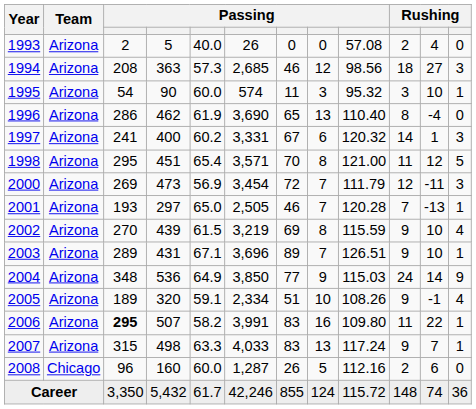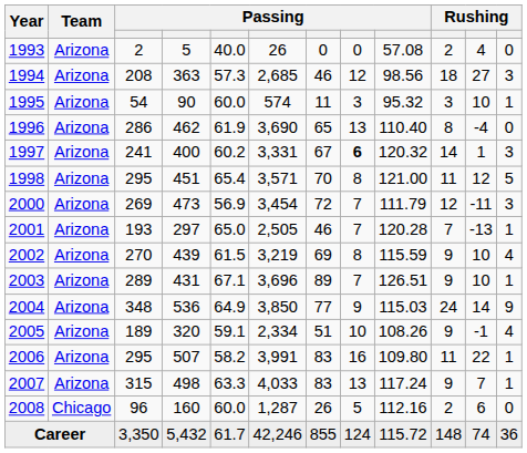 <table class="wikitable sortable" style="text-align:center">
 <tr>
 <th rowspan=2>Year</th>
 <th rowspan=2>Team</th>
 <th colspan=7>Passing</th>
 <th colspan=3>Rushing</th>
 </tr>
 <tr>
 <th></th>
 <th></th>
 <th></th>
 <th></th>
 <th></th>
 <th></th>
 <th></th>
 <th></th>
 <th></th>
 <th></th>
 </tr>
 <tr>
 <td><a href='#'>1993</a></td>
 <td><a href='#'>Arizona</a></td>
 <td>2</td>
 <td>5</td>
 <td>40.0</td>
 <td>26</td>
 <td>0</td>
 <td>0</td>
 <td>57.08</td>
 <td>2</td>
 <td>4</td>
 <td>0</td>
 </tr>
 <tr>
 <td><a href='#'>1994</a></td>
 <td><a href='#'>Arizona</a></td>
 <td>208</td>
 <td>363</td>
 <td>57.3</td>
 <td>2,685</td>
 <td>46</td>
 <td>12</td>
 <td>98.56</td>
 <td>18</td>
 <td>27</td>
 <td>3</td>
 </tr>
 <tr>
 <td><a href='#'>1995</a></td>
 <td><a href='#'>Arizona</a></td>
 <td>54</td>
 <td>90</td>
 <td>60.0</td>
 <td>574</td>
 <td>11</td>
 <td>3</td>
 <td>95.32</td>
 <td>3</td>
 <td>10</td>
 <td>1</td>
 </tr>
 <tr>
 <td><a href='#'>1996</a></td>
 <td><a href='#'>Arizona</a></td>
 <td>286</td>
 <td>462</td>
 <td>61.9</td>
 <td>3,690</td>
 <td>65</td>
 <td>13</td>
 <td>110.40</td>
 <td>8</td>
 <td>-4</td>
 <td>0</td>
 </tr>
 <tr>
 <td><a href='#'>1997</a></td>
 <td><a href='#'>Arizona</a></td>
 <td>241</td>
 <td>400</td>
 <td>60.2</td>
 <td>3,331</td>
 <td>67</td>
-<td>6</td>
+<td><strong>6</strong></td>
 <td>120.32</td>
 <td>14</td>
 <td>1</td>
 <td>3</td>
 </tr>
 <tr>
 <td><a href='#'>1998</a></td>
 <td><a href='#'>Arizona</a></td>
 <td>295</td>
 <td>451</td>
 <td>65.4</td>
 <td>3,571</td>
 <td>70</td>
 <td>8</td>
 <td>121.00</td>
 <td>11</td>
 <td>12</td>
 <td>5</td>
 </tr>
 <tr>
 <td><a href='#'>2000</a></td>
 <td><a href='#'>Arizona</a></td>
 <td>269</td>
 <td>473</td>
 <td>56.9</td>
 <td>3,454</td>
 <td>72</td>
 <td>7</td>
 <td>111.79</td>
 <td>12</td>
 <td>-11</td>
 <td>3</td>
 </tr>
 <tr>
 <td><a href='#'>2001</a></td>
 <td><a href='#'>Arizona</a></td>
 <td>193</td>
 <td>297</td>
 <td>65.0</td>
 <td>2,505</td>
 <td>46</td>
 <td>7</td>
 <td>120.28</td>
 <td>7</td>
 <td>-13</td>
 <td>1</td>
 </tr>
 <tr>
 <td><a href='#'>2002</a></td>
 <td><a href='#'>Arizona</a></td>
 <td>270</td>
 <td>439</td>
 <td>61.5</td>
 <td>3,219</td>
 <td>69</td>
 <td>8</td>
 <td>115.59</td>
 <td>9</td>
 <td>10</td>
 <td>4</td>
 </tr>
 <tr>
 <td><a href='#'>2003</a></td>
 <td><a href='#'>Arizona</a></td>
 <td>289</td>
 <td>431</td>
 <td>67.1</td>
 <td>3,696</td>
 <td>89</td>
 <td>7</td>
 <td>126.51</td>
 <td>9</td>
 <td>10</td>
 <td>1</td>
 </tr>
 <tr>
 <td><a href='#'>2004</a></td>
 <td><a href='#'>Arizona</a></td>
 <td>348</td>
 <td>536</td>
 <td>64.9</td>
 <td>3,850</td>
 <td>77</td>
 <td>9</td>
 <td>115.03</td>
 <td>24</td>
 <td>14</td>
 <td>9</td>
 </tr>
 <tr>
 <td><a href='#'>2005</a></td>
 <td><a href='#'>Arizona</a></td>
 <td>189</td>
 <td>320</td>
 <td>59.1</td>
 <td>2,334</td>
 <td>51</td>
 <td>10</td>
 <td>108.26</td>
 <td>9</td>
 <td>-1</td>
 <td>4</td>
 </tr>
 <tr>
 <td><a href='#'>2006</a></td>
 <td><a href='#'>Arizona</a></td>
-<td><strong>295</strong></td>
+<td>295</td>
 <td>507</td>
 <td>58.2</td>
 <td>3,991</td>
 <td>83</td>
 <td>16</td>
 <td>109.80</td>
 <td>11</td>
 <td>22</td>
 <td>1</td>
 </tr>
 <tr>
 <td><a href='#'>2007</a></td>
 <td><a href='#'>Arizona</a></td>
 <td>315</td>
 <td>498</td>
 <td>63.3</td>
 <td>4,033</td>
 <td>83</td>
 <td>13</td>
 <td>117.24</td>
 <td>9</td>
 <td>7</td>
 <td>1</td>
 </tr>
 <tr>
 <td><a href='#'>2008</a></td>
 <td><a href='#'>Chicago</a></td>
 <td>96</td>
 <td>160</td>
 <td>60.0</td>
 <td>1,287</td>
 <td>26</td>
 <td>5</td>
 <td>112.16</td>
 <td>2</td>
 <td>6</td>
 <td>0</td>
 </tr>
 <tr class="sortbottom" style="background:#eee;">
 <td colspan=2><strong>Career</strong></td>
 <td>3,350</td>
 <td>5,432</td>
 <td>61.7</td>
 <td>42,246</td>
 <td>855</td>
 <td>124</td>
 <td>115.72</td>
 <td>148</td>
 <td>74</td>
 <td>36</td>
 </tr>
 </table>
